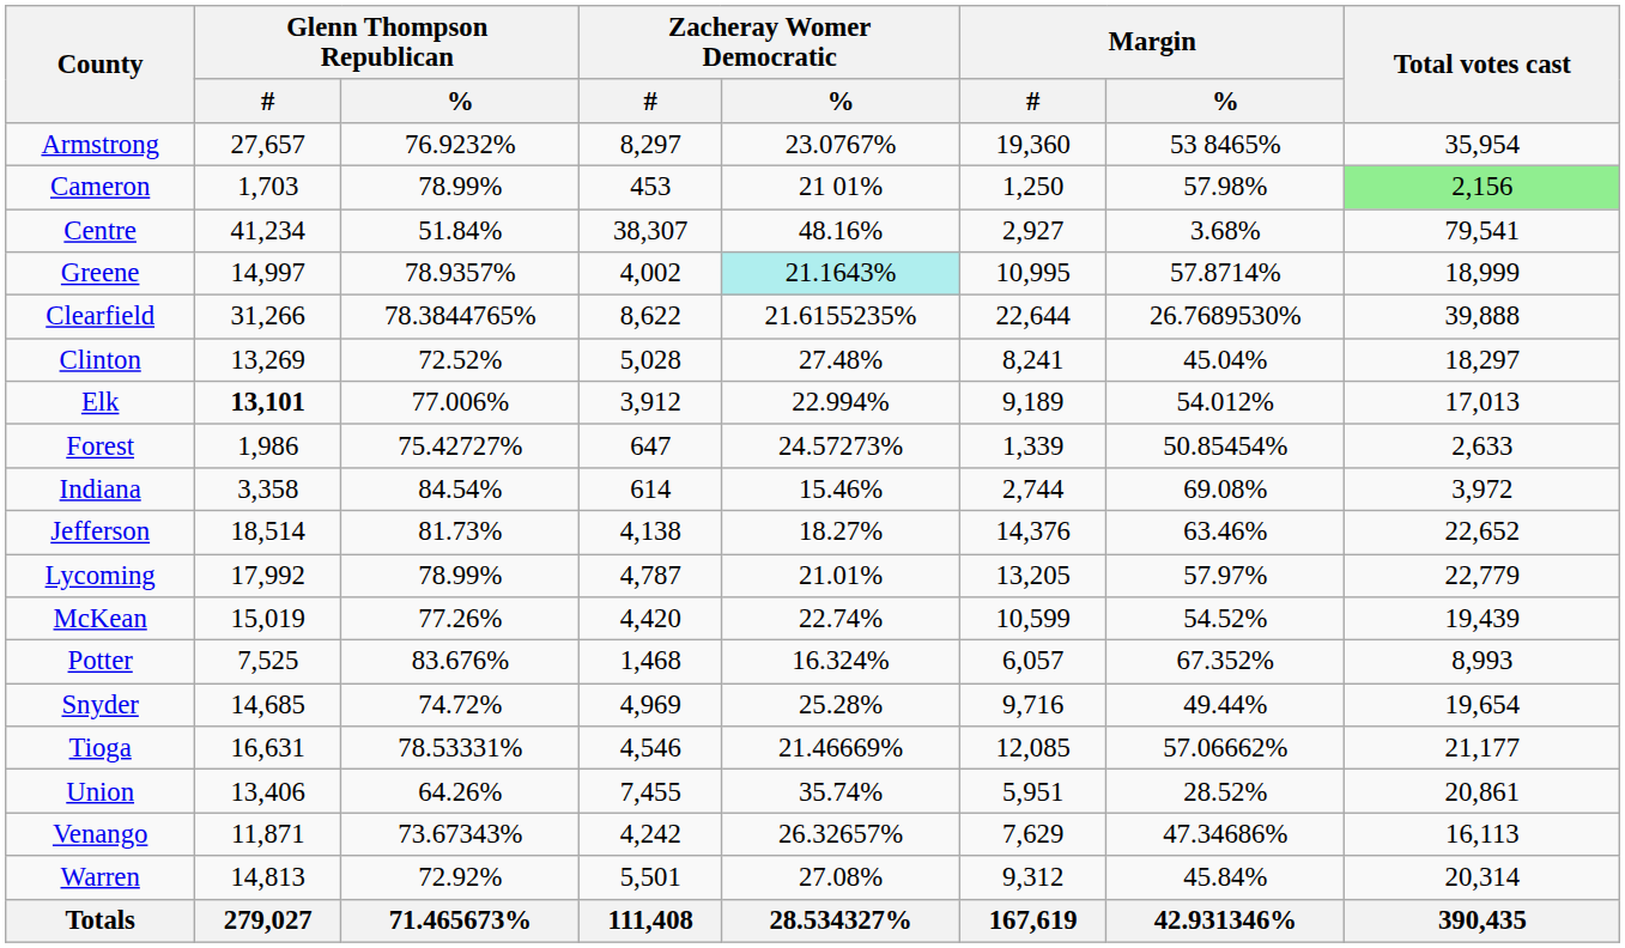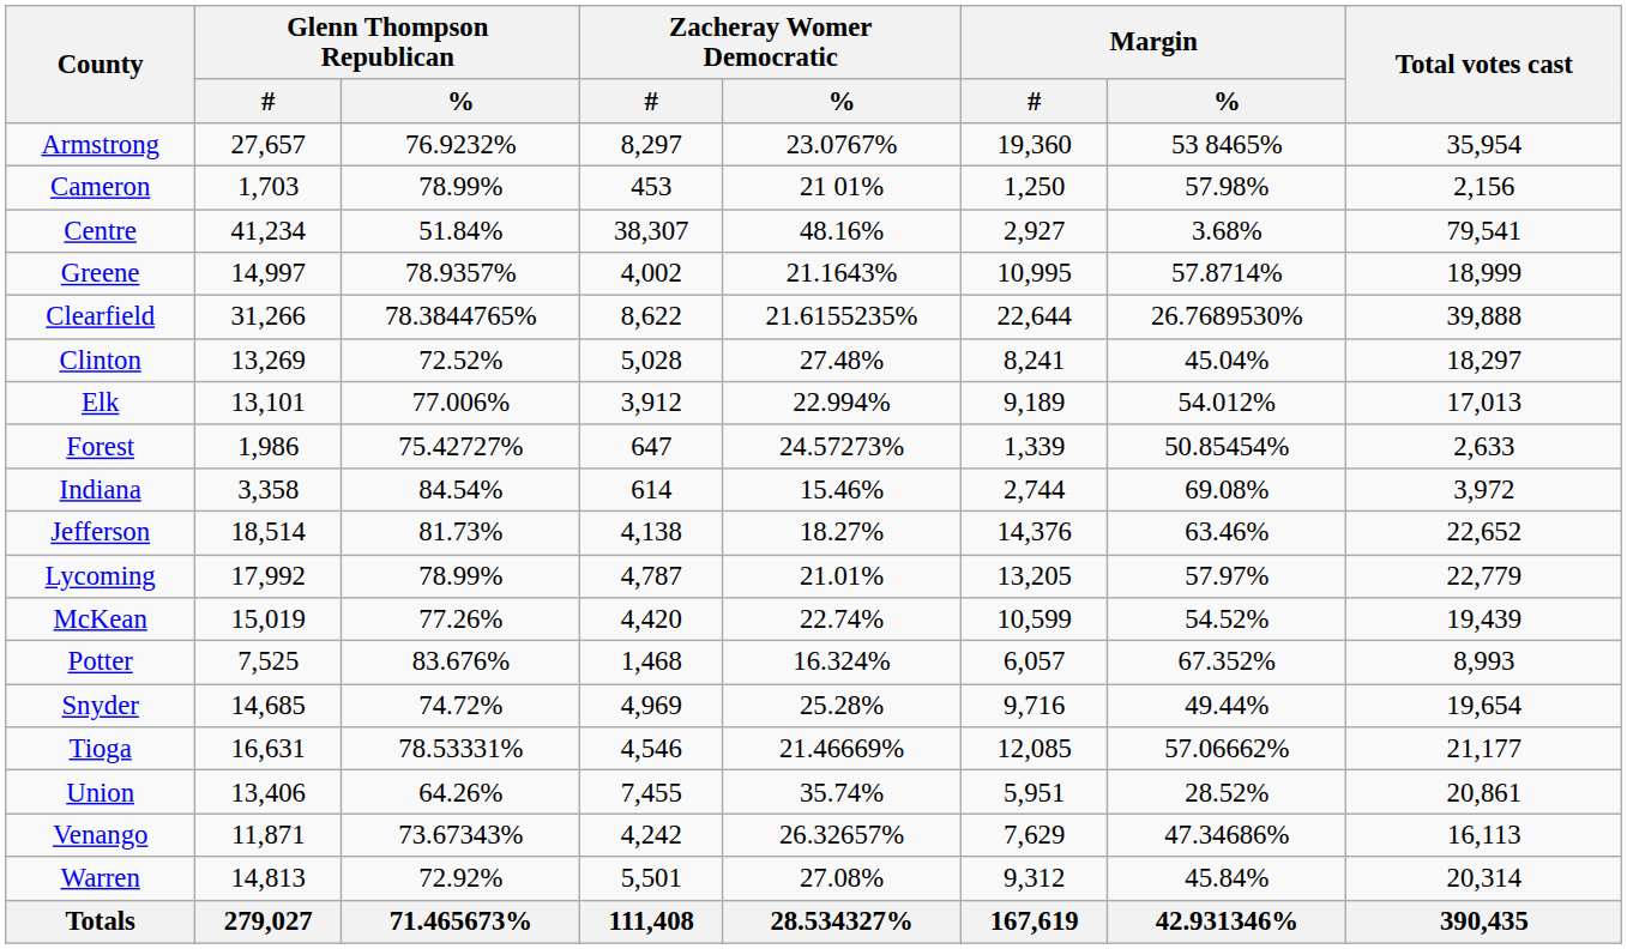 <table width="60%"  class="wikitable sortable" style="text-align:center">
 <tr>
 <th rowspan="2">County</th>
 <th style="text-align:center;" colspan="2">Glenn Thompson<br>Republican</th>
 <th style="text-align:center;" colspan="2">Zacheray Womer<br>Democratic</th>
 <th style="text-align:center;" colspan="2">Margin</th>
 <th rowspan="2" style="text-align:center;">Total votes cast</th>
 </tr>
 <tr>
 <th style="text-align:center;" data-sort-type="number">#</th>
 <th style="text-align:center;" data-sort-type="number">%</th>
 <th style="text-align:center;" data-sort-type="number">#</th>
 <th style="text-align:center;" data-sort-type="number">%</th>
 <th style="text-align:center;" data-sort-type="number">#</th>
 <th style="text-align:center;" data-sort-type="number">%</th>
 </tr>
 <tr style="text-align:center;">
 <td><a href='#'>Armstrong</a></td>
 <td>27,657</td>
 <td>76.9232%</td>
 <td>8,297</td>
 <td>23.0767%</td>
 <td>19,360</td>
 <td>53 8465%</td>
 <td>35,954</td>
 </tr>
 <tr style="text-align:center;">
 <td><a href='#'>Cameron</a></td>
 <td>1,703</td>
 <td>78.99%</td>
 <td>453</td>
 <td>21 01%</td>
 <td>1,250</td>
 <td>57.98%</td>
-<td style="background: lightgreen;">2,156</td>
+<td>2,156</td>
 </tr>
 <tr style="text-align:center;">
 <td><a href='#'>Centre</a></td>
 <td>41,234</td>
 <td>51.84%</td>
 <td>38,307</td>
 <td>48.16%</td>
 <td>2,927</td>
 <td>3.68%</td>
 <td>79,541</td>
 </tr>
 <tr style="text-align:center;">
 <td><a href='#'>Greene</a></td>
 <td>14,997</td>
 <td>78.9357%</td>
 <td>4,002</td>
-<td style="background: paleturquoise;">21.1643%</td>
+<td>21.1643%</td>
 <td>10,995</td>
 <td>57.8714%</td>
 <td>18,999</td>
 </tr>
 <tr style="text-align:center;">
 <td><a href='#'>Clearfield</a></td>
 <td>31,266</td>
 <td>78.3844765%</td>
 <td>8,622</td>
 <td>21.6155235%</td>
 <td>22,644</td>
 <td>26.7689530%</td>
 <td>39,888</td>
 </tr>
 <tr style="text-align:center;">
 <td><a href='#'>Clinton</a></td>
 <td>13,269</td>
 <td>72.52%</td>
 <td>5,028</td>
 <td>27.48%</td>
 <td>8,241</td>
 <td>45.04%</td>
 <td>18,297</td>
 </tr>
 <tr style="text-align:center;">
 <td><a href='#'>Elk</a></td>
-<td><strong>13,101</strong></td>
+<td>13,101</td>
 <td>77.006%</td>
 <td>3,912</td>
 <td>22.994%</td>
 <td>9,189</td>
 <td>54.012%</td>
 <td>17,013</td>
 </tr>
 <tr style="text-align:center;">
 <td><a href='#'>Forest</a></td>
 <td>1,986</td>
 <td>75.42727%</td>
 <td>647</td>
 <td>24.57273%</td>
 <td>1,339</td>
 <td>50.85454%</td>
 <td>2,633</td>
 </tr>
 <tr style="text-align:center;">
 <td><a href='#'>Indiana</a></td>
 <td>3,358</td>
 <td>84.54%</td>
 <td>614</td>
 <td>15.46%</td>
 <td>2,744</td>
 <td>69.08%</td>
 <td>3,972</td>
 </tr>
 <tr style="text-align:center;">
 <td><a href='#'>Jefferson</a></td>
 <td>18,514</td>
 <td>81.73%</td>
 <td>4,138</td>
 <td>18.27%</td>
 <td>14,376</td>
 <td>63.46%</td>
 <td>22,652</td>
 </tr>
 <tr style="text-align:center;">
 <td><a href='#'>Lycoming</a></td>
 <td>17,992</td>
 <td>78.99%</td>
 <td>4,787</td>
 <td>21.01%</td>
 <td>13,205</td>
 <td>57.97%</td>
 <td>22,779</td>
 </tr>
 <tr style="text-align:center;">
 <td><a href='#'>McKean</a></td>
 <td>15,019</td>
 <td>77.26%</td>
 <td>4,420</td>
 <td>22.74%</td>
 <td>10,599</td>
 <td>54.52%</td>
 <td>19,439</td>
 </tr>
 <tr style="text-align:center;">
 <td><a href='#'>Potter</a></td>
 <td>7,525</td>
 <td>83.676%</td>
 <td>1,468</td>
 <td>16.324%</td>
 <td>6,057</td>
 <td>67.352%</td>
 <td>8,993</td>
 </tr>
 <tr style="text-align:center;">
 <td><a href='#'>Snyder</a></td>
 <td>14,685</td>
 <td>74.72%</td>
 <td>4,969</td>
 <td>25.28%</td>
 <td>9,716</td>
 <td>49.44%</td>
 <td>19,654</td>
 </tr>
 <tr style="text-align:center;">
 <td><a href='#'>Tioga</a></td>
 <td>16,631</td>
 <td>78.53331%</td>
 <td>4,546</td>
 <td>21.46669%</td>
 <td>12,085</td>
 <td>57.06662%</td>
 <td>21,177</td>
 </tr>
 <tr style="text-align:center;">
 <td><a href='#'>Union</a></td>
 <td>13,406</td>
 <td>64.26%</td>
 <td>7,455</td>
 <td>35.74%</td>
 <td>5,951</td>
 <td>28.52%</td>
 <td>20,861</td>
 </tr>
 <tr style="text-align:center;">
 <td><a href='#'>Venango</a></td>
 <td>11,871</td>
 <td>73.67343%</td>
 <td>4,242</td>
 <td>26.32657%</td>
 <td>7,629</td>
 <td>47.34686%</td>
 <td>16,113</td>
 </tr>
 <tr style="text-align:center;">
 <td><a href='#'>Warren</a></td>
 <td>14,813</td>
 <td>72.92%</td>
 <td>5,501</td>
 <td>27.08%</td>
 <td>9,312</td>
 <td>45.84%</td>
 <td>20,314</td>
 </tr>
 <tr style="text-align:center;">
 <th>Totals</th>
 <th>279,027</th>
 <th>71.465673%</th>
 <th>111,408</th>
 <th>28.534327%</th>
 <th>167,619</th>
 <th>42.931346%</th>
 <th>390,435</th>
 </tr>
 </table>
